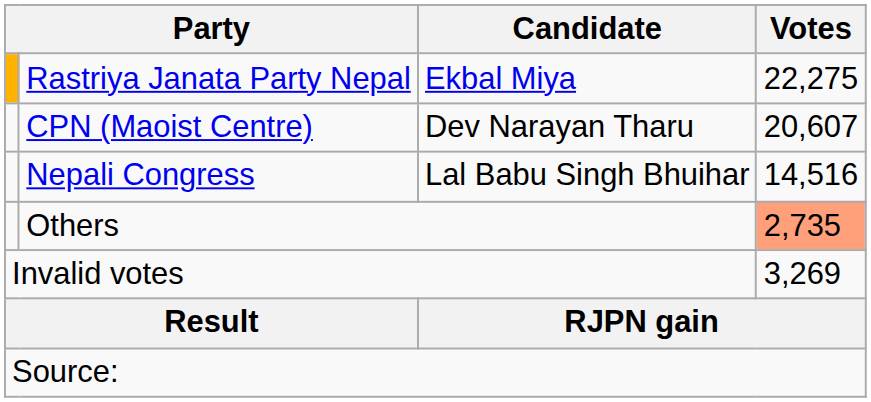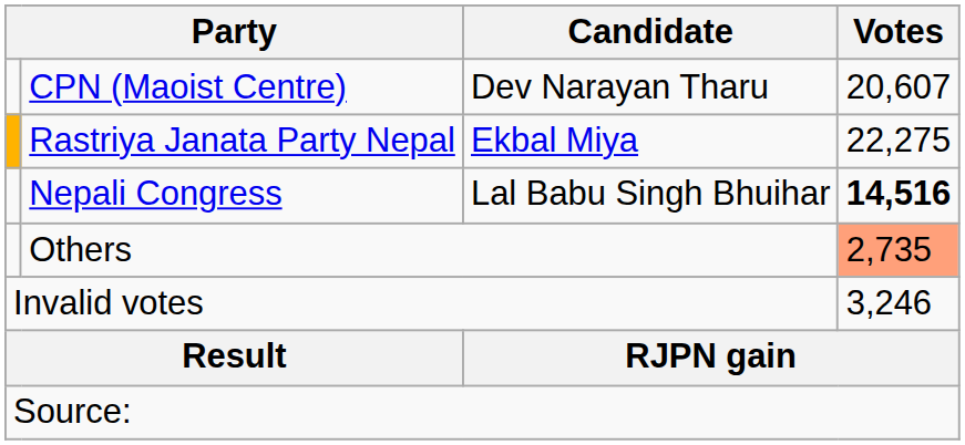 <table class="wikitable">
 <tr>
 <th colspan="2">Party</th>
 <th>Candidate</th>
 <th>Votes</th>
+</tr>
+<tr>
+<td style="background-color:"></td>
+<td><a href='#'>CPN (Maoist Centre)</a></td>
+<td>Dev Narayan Tharu</td>
+<td>20,607</td>
 </tr>
 <tr>
 <td style="background-color:#ffb300"></td>
 <td><a href='#'>Rastriya Janata Party Nepal</a></td>
 <td><a href='#'>Ekbal Miya</a></td>
 <td>22,275</td>
 </tr>
 <tr>
 <td style="background-color:"></td>
-<td><a href='#'>CPN (Maoist Centre)</a></td>
-<td>Dev Narayan Tharu</td>
-<td>20,607</td>
-</tr>
-<tr>
-<td style="background-color:"></td>
 <td><a href='#'>Nepali Congress</a></td>
 <td>Lal Babu Singh Bhuihar</td>
-<td>14,516</td>
+<td><strong>14,516</strong></td>
 </tr>
 <tr>
 <td></td>
 <td colspan="2">Others</td>
 <td style="background: lightsalmon;">2,735</td>
 </tr>
 <tr>
 <td colspan="3">Invalid votes</td>
-<td>3,269</td>
+<td>3,246</td>
 </tr>
 <tr>
 <th colspan="2">Result</th>
 <th colspan="2">RJPN gain</th>
 </tr>
 <tr>
 <td colspan="4">Source: </td>
 </tr>
 </table>
